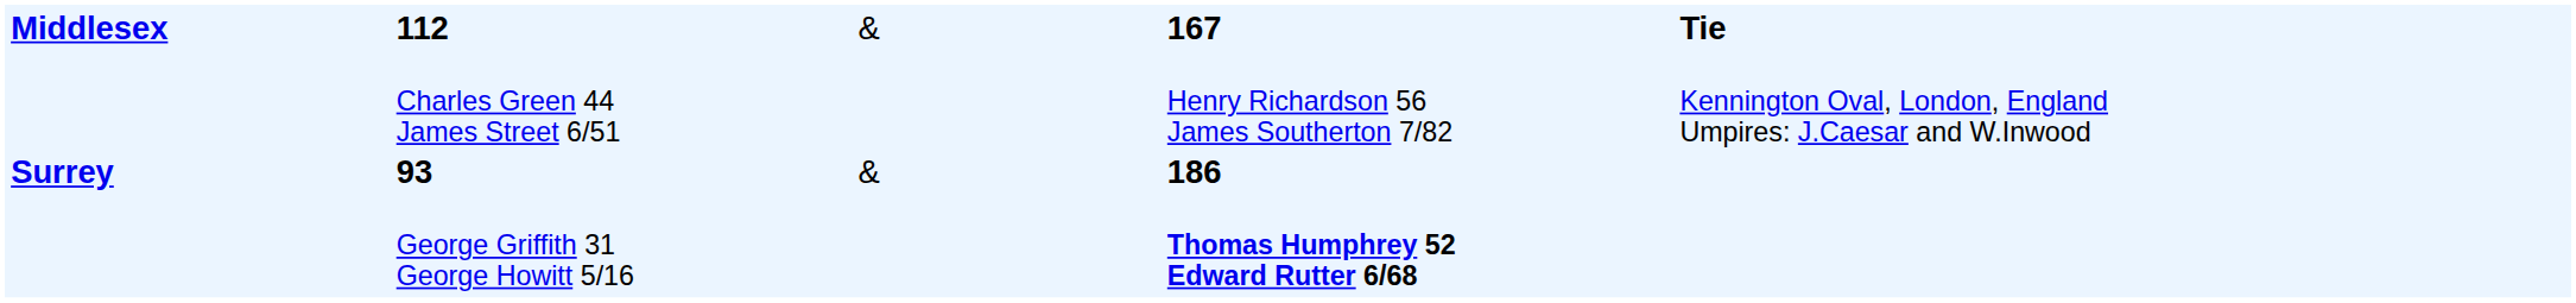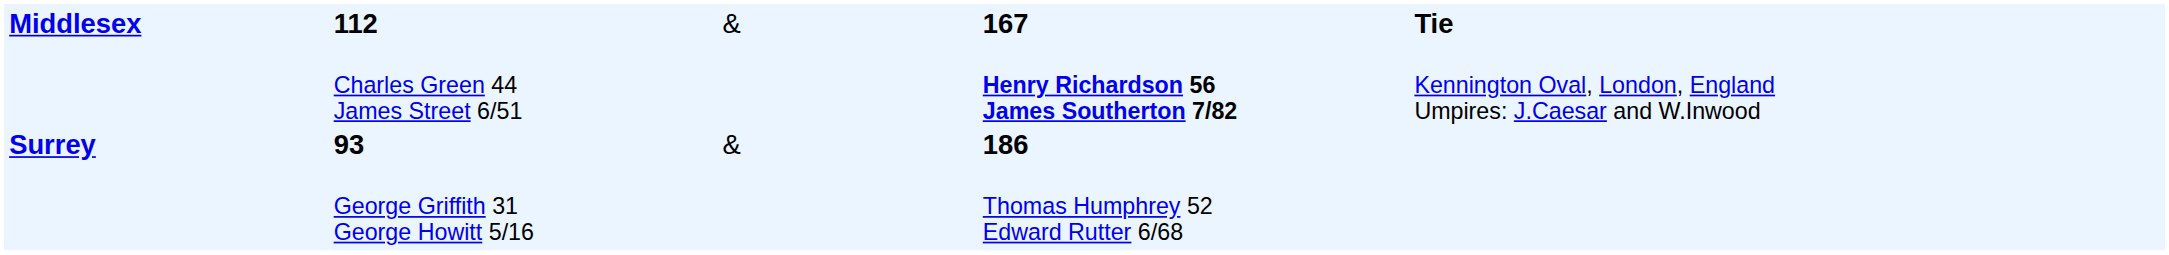 <table width="100%" style="background: #EBF5FF">
 <tr>
 <td width="15%" valign="top" rowspan="2"><strong><a href='#'>Middlesex</a></strong></td>
 <td width="18%"><strong>112</strong></td>
 <td width="12%">&</td>
 <td width="20%"><strong>167</strong></td>
 <td width="35%"><strong>Tie</strong></td>
 </tr>
 <tr>
 <td style="font-size: 85%;" valign="top"><br><a href='#'>Charles Green</a> 44<br> <a href='#'>James Street</a> 6/51</td>
 <td></td>
-<td style="font-size: 85%;"><br><a href='#'>Henry Richardson</a> 56<br> <a href='#'>James Southerton</a> 7/82</td>
+<td style="font-size: 85%;"><strong><br><a href='#'>Henry Richardson</a> 56<br> <a href='#'>James Southerton</a> 7/82</strong></td>
 <td valign="top" style="font-size: 85%;" rowspan="3"><br><a href='#'>Kennington Oval</a>, <a href='#'>London</a>, <a href='#'>England</a><br> Umpires: <a href='#'>J.Caesar</a> and W.Inwood</td>
 </tr>
 <tr>
 <td valign="top" rowspan="2"><strong><a href='#'>Surrey</a></strong></td>
 <td><strong>93</strong></td>
 <td>&</td>
 <td><strong>186</strong></td>
 </tr>
 <tr>
 <td style="font-size: 85%;"><br><a href='#'>George Griffith</a> 31<br> <a href='#'>George Howitt</a> 5/16</td>
 <td></td>
-<td valign="top" style="font-size: 85%;"><strong><br><a href='#'>Thomas Humphrey</a> 52<br> <a href='#'>Edward Rutter</a> 6/68</strong></td>
+<td valign="top" style="font-size: 85%;"><br><a href='#'>Thomas Humphrey</a> 52<br> <a href='#'>Edward Rutter</a> 6/68</td>
 </tr>
 </table>
